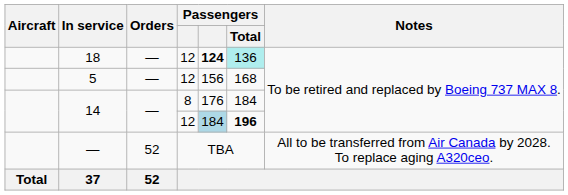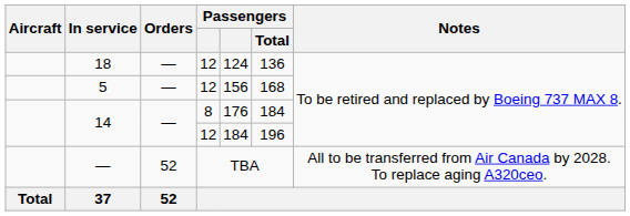 <table class="wikitable" style="border-collapse:collapse;text-align:center;margin:auto;">
 <tr>
 <th rowspan="2">Aircraft</th>
 <th rowspan="2">In service</th>
 <th rowspan="2">Orders</th>
 <th colspan="3">Passengers</th>
 <th rowspan="2">Notes</th>
 </tr>
 <tr>
 <th></th>
 <th></th>
 <th>Total</th>
 </tr>
 <tr>
 <td></td>
 <td>18</td>
 <td>—</td>
 <td>12</td>
-<td><strong>124</strong></td>
-<td style="background: paleturquoise;">136</td>
+<td>124</td>
+<td>136</td>
 <td rowspan="4">To be retired and replaced by <a href='#'>Boeing 737 MAX 8</a>.</td>
 </tr>
 <tr>
 <td></td>
 <td>5</td>
 <td>—</td>
 <td>12</td>
 <td>156</td>
 <td>168</td>
 </tr>
 <tr>
 <td rowspan="2"></td>
 <td rowspan="2">14</td>
 <td rowspan="2">—</td>
 <td>8</td>
 <td>176</td>
 <td>184</td>
 </tr>
 <tr>
 <td>12</td>
-<td style="background: lightblue;">184</td>
-<td><strong>196</strong></td>
+<td>184</td>
+<td>196</td>
 </tr>
 <tr>
 <td></td>
 <td>—</td>
 <td>52</td>
 <td colspan="3"><abbr>TBA</abbr></td>
 <td>All to be transferred from <a href='#'>Air Canada</a> by 2028.<br>To replace aging <a href='#'>A320ceo</a>.</td>
 </tr>
 <tr>
 <th>Total</th>
 <th>37</th>
 <th>52</th>
 <th colspan="4"></th>
 </tr>
 </table>
